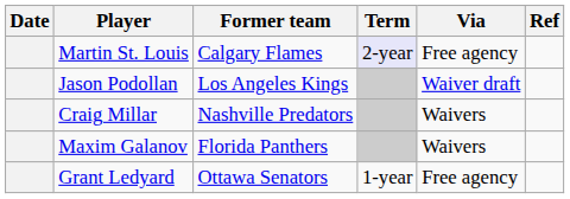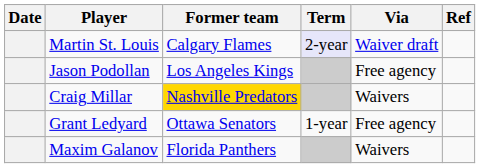 <table class="wikitable plainrowheaders">
 <tr style="background:#ddd; text-align:center;">
 <th>Date</th>
 <th>Player</th>
 <th>Former team</th>
 <th>Term</th>
 <th>Via</th>
 <th>Ref</th>
 </tr>
 <tr>
 <th scope="row"></th>
 <td><a href='#'>Martin St. Louis</a></td>
 <td><a href='#'>Calgary Flames</a></td>
 <td style="background: lavender;">2-year</td>
-<td>Free agency</td>
+<td><a href='#'>Waiver draft</a></td>
 <td></td>
 </tr>
 <tr>
 <th scope="row"></th>
 <td><a href='#'>Jason Podollan</a></td>
 <td><a href='#'>Los Angeles Kings</a></td>
 <td style="background:#ccc"></td>
-<td><a href='#'>Waiver draft</a></td>
+<td>Free agency</td>
 <td></td>
 </tr>
 <tr>
 <th scope="row"></th>
 <td><a href='#'>Craig Millar</a></td>
-<td><a href='#'>Nashville Predators</a></td>
-<td style="background:#ccc"></td>
-<td>Waivers</td>
-<td></td>
-</tr>
-<tr>
-<th scope="row"></th>
-<td><a href='#'>Maxim Galanov</a></td>
-<td><a href='#'>Florida Panthers</a></td>
+<td style="background: gold;"><a href='#'>Nashville Predators</a></td>
 <td style="background:#ccc"></td>
 <td>Waivers</td>
 <td></td>
 </tr>
 <tr>
 <th scope="row"></th>
 <td><a href='#'>Grant Ledyard</a></td>
 <td><a href='#'>Ottawa Senators</a></td>
 <td>1-year</td>
 <td>Free agency</td>
 <td></td>
 </tr>
+<tr>
+<th scope="row"></th>
+<td><a href='#'>Maxim Galanov</a></td>
+<td><a href='#'>Florida Panthers</a></td>
+<td style="background:#ccc"></td>
+<td>Waivers</td>
+<td></td>
+</tr>
 </table>
